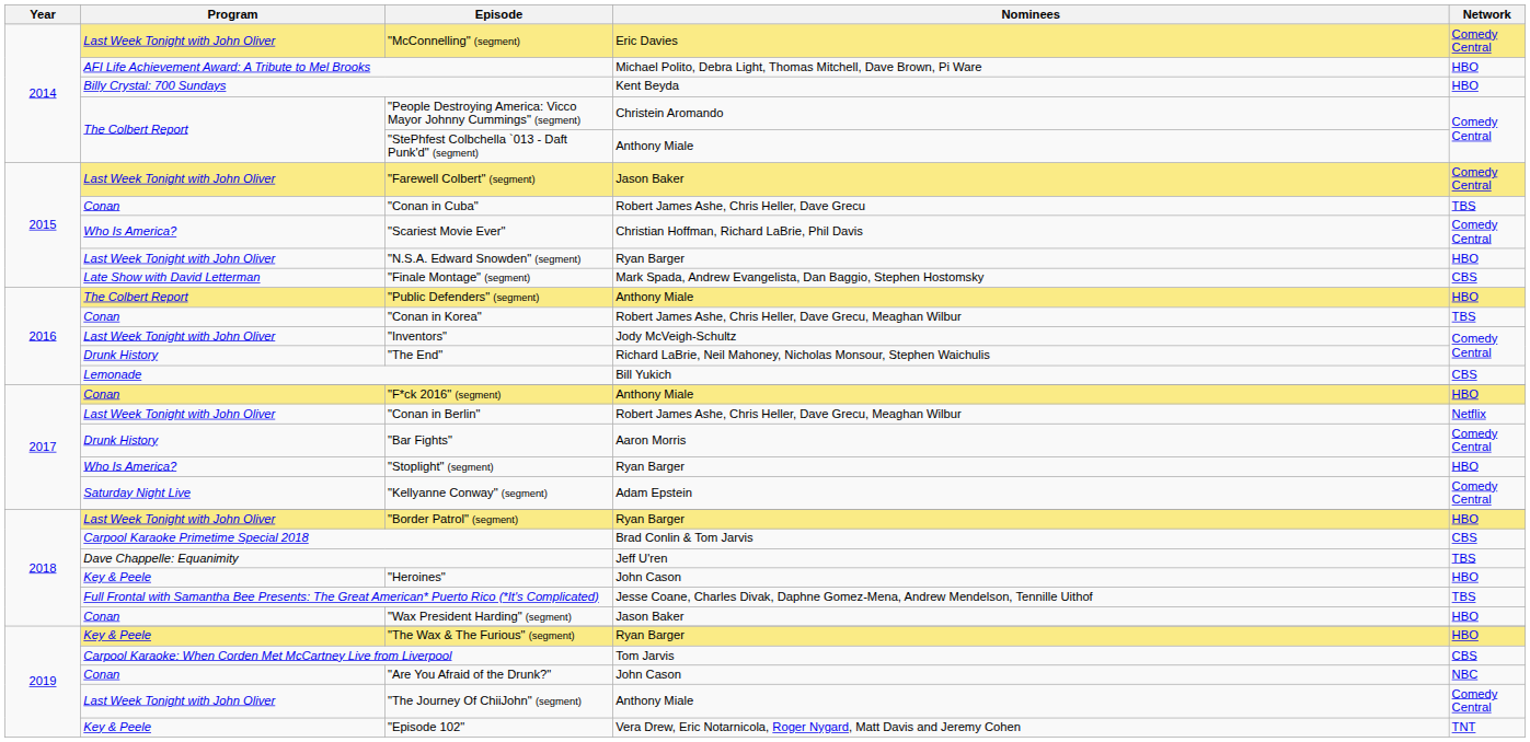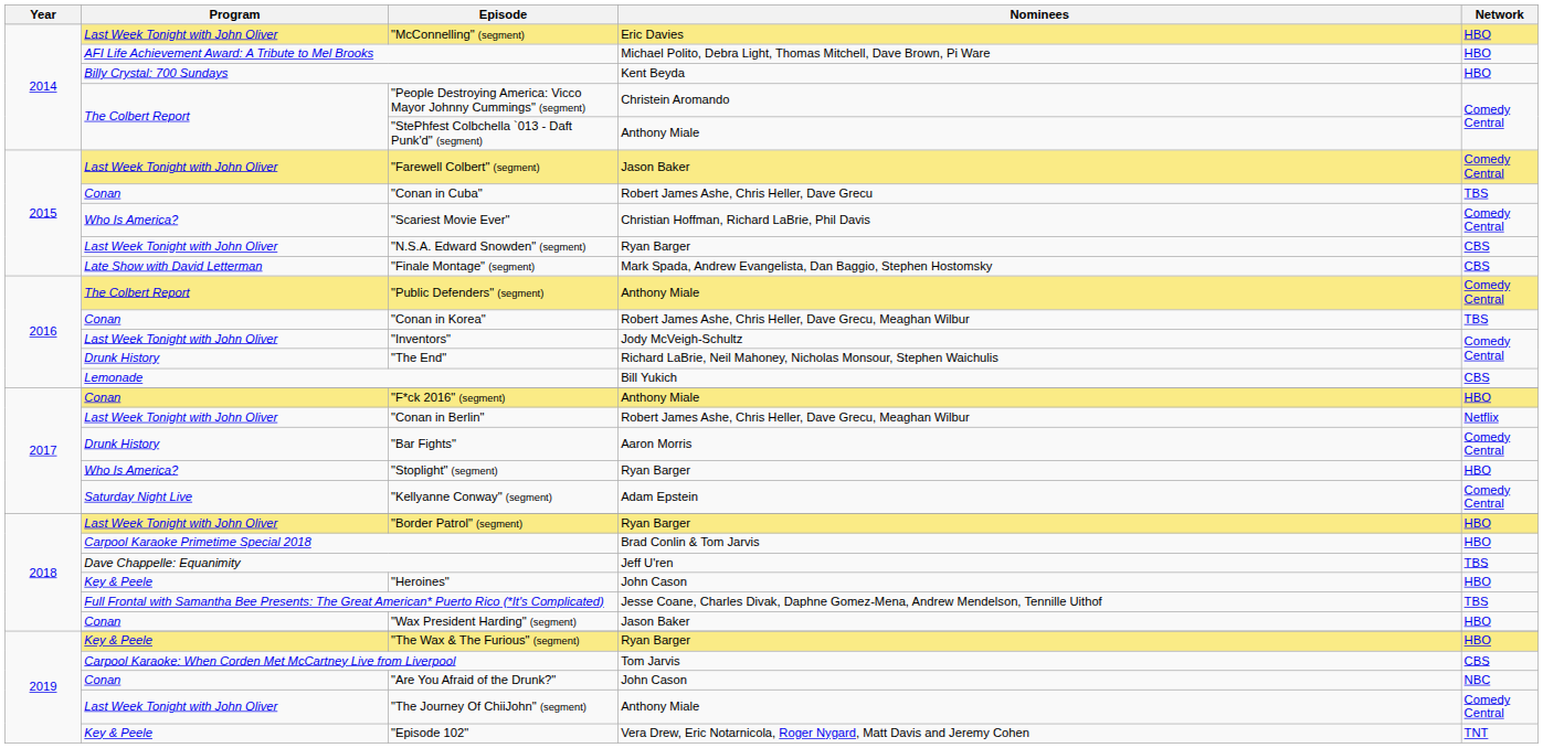 <table class="wikitable" style="width:100%">
 <tr style="background:#bebebe;">
 <th style="width:5%;">Year</th>
 <th style="width:20%;">Program</th>
 <th style="width:15%;">Episode</th>
 <th style="width:55%;">Nominees</th>
 <th style="width:5%;">Network</th>
 </tr>
 <tr>
 <td rowspan=5 style="text-align:center;"><a href='#'>2014</a><br></td>
 <td style="background:#FAEB86;"><em><a href='#'>Last Week Tonight with John Oliver</a></em></td>
 <td style="background:#FAEB86;">"McConnelling" <small>(segment)</small></td>
 <td style="background:#FAEB86;">Eric Davies</td>
-<td style="background:#FAEB86;"><a href='#'>Comedy Central</a></td>
+<td style="background:#FAEB86;"><a href='#'>HBO</a></td>
 </tr>
 <tr>
 <td colspan=2><em><a href='#'>AFI Life Achievement Award: A Tribute to Mel Brooks</a></em></td>
 <td>Michael Polito, Debra Light, Thomas Mitchell, Dave Brown, Pi Ware</td>
 <td><a href='#'>HBO</a></td>
 </tr>
 <tr>
 <td colspan=2><em><a href='#'>Billy Crystal: 700 Sundays</a></em></td>
 <td>Kent Beyda</td>
 <td><a href='#'>HBO</a></td>
 </tr>
 <tr>
 <td rowspan=2><em><a href='#'>The Colbert Report</a></em></td>
 <td>"People Destroying America: Vicco Mayor Johnny Cummings" <small>(segment)</small></td>
 <td>Christein Aromando</td>
 <td rowspan=2><a href='#'>Comedy Central</a></td>
 </tr>
 <tr>
 <td>"StePhfest Colbchella `013 - Daft Punk'd" <small>(segment)</small></td>
 <td>Anthony Miale</td>
 </tr>
 <tr>
 <td rowspan=5 style="text-align:center;"><a href='#'>2015</a><br></td>
 <td style="background:#FAEB86;"><em><a href='#'>Last Week Tonight with John Oliver</a></em></td>
 <td style="background:#FAEB86;">"Farewell Colbert" <small>(segment)</small></td>
 <td style="background:#FAEB86;">Jason Baker</td>
 <td style="background:#FAEB86;"><a href='#'>Comedy Central</a></td>
 </tr>
 <tr>
 <td><em><a href='#'>Conan</a></em></td>
 <td>"Conan in Cuba"</td>
 <td>Robert James Ashe, Chris Heller, Dave Grecu</td>
 <td><a href='#'>TBS</a></td>
 </tr>
 <tr>
 <td><em><a href='#'>Who Is America?</a></em></td>
 <td>"Scariest Movie Ever"</td>
 <td>Christian Hoffman, Richard LaBrie, Phil Davis</td>
 <td><a href='#'>Comedy Central</a></td>
 </tr>
 <tr>
 <td><em><a href='#'>Last Week Tonight with John Oliver</a></em></td>
 <td>"N.S.A. Edward Snowden" <small>(segment)</small></td>
 <td>Ryan Barger</td>
-<td><a href='#'>HBO</a></td>
+<td><a href='#'>CBS</a></td>
 </tr>
 <tr>
 <td><em><a href='#'>Late Show with David Letterman</a></em></td>
 <td>"Finale Montage" <small>(segment)</small></td>
 <td>Mark Spada, Andrew Evangelista, Dan Baggio, Stephen Hostomsky</td>
 <td><a href='#'>CBS</a></td>
 </tr>
 <tr>
 <td rowspan=5 style="text-align:center;"><a href='#'>2016</a><br></td>
 <td style="background:#FAEB86;"><em><a href='#'>The Colbert Report</a></em></td>
 <td style="background:#FAEB86;">"Public Defenders" <small>(segment)</small></td>
 <td style="background:#FAEB86;">Anthony Miale</td>
-<td style="background:#FAEB86;"><a href='#'>HBO</a></td>
+<td style="background:#FAEB86;"><a href='#'>Comedy Central</a></td>
 </tr>
 <tr>
 <td><em><a href='#'>Conan</a></em></td>
 <td>"Conan in Korea"</td>
 <td>Robert James Ashe, Chris Heller, Dave Grecu, Meaghan Wilbur</td>
 <td><a href='#'>TBS</a></td>
 </tr>
 <tr>
 <td><em><a href='#'>Last Week Tonight with John Oliver</a></em></td>
 <td>"Inventors"</td>
 <td>Jody McVeigh-Schultz</td>
 <td rowspan=2><a href='#'>Comedy Central</a></td>
 </tr>
 <tr>
 <td><em><a href='#'>Drunk History</a></em></td>
 <td>"The End"</td>
 <td>Richard LaBrie, Neil Mahoney, Nicholas Monsour, Stephen Waichulis</td>
 </tr>
 <tr>
 <td colspan=2><em><a href='#'>Lemonade</a></em></td>
 <td>Bill Yukich</td>
 <td><a href='#'>CBS</a></td>
 </tr>
 <tr>
 <td rowspan=6 style="text-align:center;"><a href='#'>2017</a><br></td>
 </tr>
 <tr style="background:#FAEB86;">
 <td><em><a href='#'>Conan</a></em></td>
 <td>"F*ck 2016" <small>(segment)</small></td>
 <td>Anthony Miale</td>
 <td><a href='#'>HBO</a></td>
 </tr>
 <tr>
 <td><em><a href='#'>Last Week Tonight with John Oliver</a></em></td>
 <td>"Conan in Berlin"</td>
 <td>Robert James Ashe, Chris Heller, Dave Grecu, Meaghan Wilbur</td>
 <td><a href='#'>Netflix</a></td>
 </tr>
 <tr>
 <td><em><a href='#'>Drunk History</a></em></td>
 <td>"Bar Fights"</td>
 <td>Aaron Morris</td>
 <td><a href='#'>Comedy Central</a></td>
 </tr>
 <tr>
 <td><em><a href='#'>Who Is America?</a></em></td>
 <td>"Stoplight" <small>(segment)</small></td>
 <td>Ryan Barger</td>
 <td><a href='#'>HBO</a></td>
 </tr>
 <tr>
 <td><em><a href='#'>Saturday Night Live</a></em></td>
 <td>"Kellyanne Conway" <small>(segment)</small></td>
 <td>Adam Epstein</td>
 <td><a href='#'>Comedy Central</a></td>
 </tr>
 <tr>
 <td rowspan=7 style="text-align:center;"><a href='#'>2018</a><br></td>
 </tr>
 <tr style="background:#FAEB86;">
 <td><em><a href='#'>Last Week Tonight with John Oliver</a></em></td>
 <td>"Border Patrol" <small>(segment)</small></td>
 <td>Ryan Barger</td>
 <td><a href='#'>HBO</a></td>
 </tr>
 <tr>
 <td colspan=2><em><a href='#'>Carpool Karaoke Primetime Special 2018</a></em></td>
 <td>Brad Conlin & Tom Jarvis</td>
-<td><a href='#'>CBS</a></td>
+<td><a href='#'>HBO</a></td>
 </tr>
 <tr>
 <td colspan=2><em>Dave Chappelle: Equanimity</em></td>
 <td>Jeff U'ren</td>
 <td><a href='#'>TBS</a></td>
 </tr>
 <tr>
 <td><em><a href='#'>Key & Peele</a></em></td>
 <td>"Heroines"</td>
 <td>John Cason</td>
 <td><a href='#'>HBO</a></td>
 </tr>
 <tr>
 <td colspan=2><em><a href='#'>Full Frontal with Samantha Bee Presents: The Great American* Puerto Rico (*It's Complicated)</a></em></td>
 <td>Jesse Coane, Charles Divak, Daphne Gomez-Mena, Andrew Mendelson, Tennille Uithof</td>
 <td><a href='#'>TBS</a></td>
 </tr>
 <tr>
 <td><em><a href='#'>Conan</a></em></td>
 <td>"Wax President Harding" <small>(segment)</small></td>
 <td>Jason Baker</td>
 <td><a href='#'>HBO</a></td>
 </tr>
 <tr>
 <td rowspan=7 style="text-align:center;"><a href='#'>2019</a><br></td>
 </tr>
 <tr style="background:#FAEB86;">
 <td><em><a href='#'>Key & Peele</a></em></td>
 <td>"The Wax & The Furious" <small>(segment)</small></td>
 <td>Ryan Barger</td>
 <td><a href='#'>HBO</a></td>
 </tr>
 <tr>
 <td colspan=2><em><a href='#'>Carpool Karaoke: When Corden Met McCartney Live from Liverpool</a></em></td>
 <td>Tom Jarvis</td>
 <td><a href='#'>CBS</a></td>
 </tr>
 <tr>
 <td><em><a href='#'>Conan</a></em></td>
 <td>"Are You Afraid of the Drunk?"</td>
 <td>John Cason</td>
 <td><a href='#'>NBC</a></td>
 </tr>
 <tr>
 <td><em><a href='#'>Last Week Tonight with John Oliver</a></em></td>
 <td>"The Journey Of ChiiJohn" <small>(segment)</small></td>
 <td>Anthony Miale</td>
 <td><a href='#'>Comedy Central</a></td>
 </tr>
 <tr>
 <td><em><a href='#'>Key & Peele</a></em></td>
 <td>"Episode 102"</td>
 <td>Vera Drew, Eric Notarnicola, <a href='#'>Roger Nygard</a>, Matt Davis and Jeremy Cohen</td>
 <td><a href='#'>TNT</a></td>
 </tr>
 </table>
